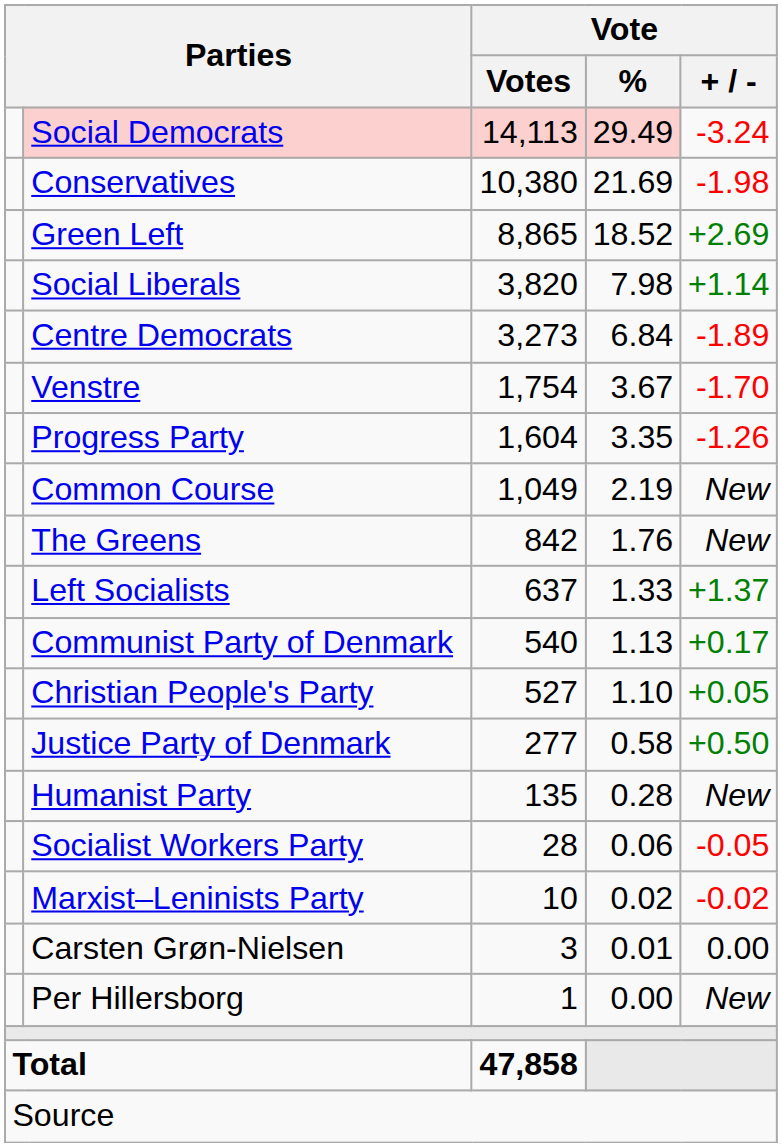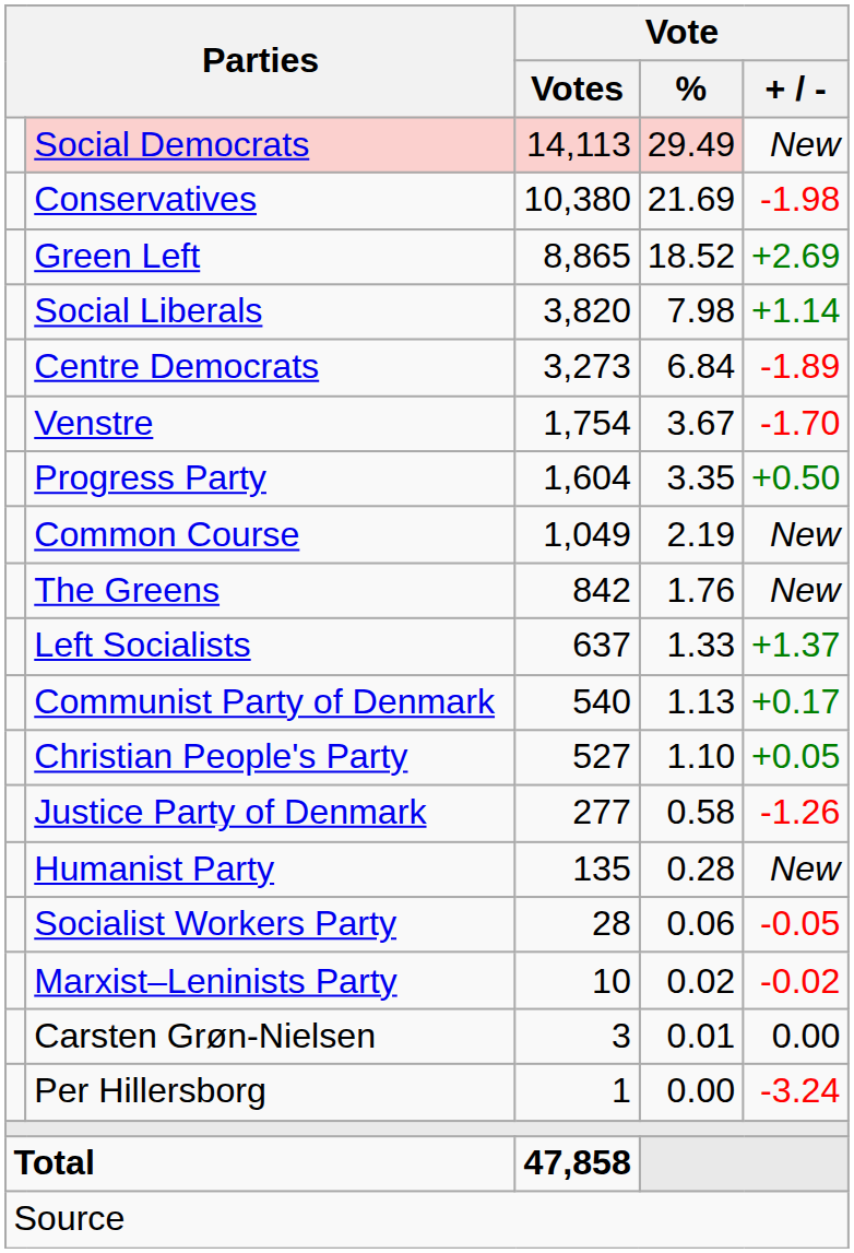 <table class="wikitable" style="text-align:right;">
 <tr>
 <th style="text-align:centre;" rowspan="2" colspan="2" width="225">Parties</th>
 <th colspan="3">Vote</th>
 </tr>
 <tr>
 <th width="15">Votes</th>
 <th width="15">%</th>
 <th width="15">+ / -</th>
 </tr>
 <tr>
 <td width="2" style="color:inherit;background:"></td>
 <td bgcolor=#fbd0ce  align="left"><a href='#'>Social Democrats</a></td>
 <td bgcolor=#fbd0ce>14,113</td>
 <td bgcolor=#fbd0ce>29.49</td>
-<td style=color:red;>-3.24</td>
+<td><em>New</em></td>
 </tr>
 <tr>
 <td width="2" style="color:inherit;background:"></td>
 <td align="left"><a href='#'>Conservatives</a></td>
 <td>10,380</td>
 <td>21.69</td>
 <td style=color:red;>-1.98</td>
 </tr>
 <tr>
 <td width="2" style="color:inherit;background:"></td>
 <td align="left"><a href='#'>Green Left</a></td>
 <td>8,865</td>
 <td>18.52</td>
 <td style=color:green;>+2.69</td>
 </tr>
 <tr>
 <td width="2" style="color:inherit;background:"></td>
 <td align="left"><a href='#'>Social Liberals</a></td>
 <td>3,820</td>
 <td>7.98</td>
 <td style=color:green;>+1.14</td>
 </tr>
 <tr>
 <td width="2" style="color:inherit;background:"></td>
 <td align="left"><a href='#'>Centre Democrats</a></td>
 <td>3,273</td>
 <td>6.84</td>
 <td style=color:red;>-1.89</td>
 </tr>
 <tr>
 <td width="2" style="color:inherit;background:"></td>
 <td align="left"><a href='#'>Venstre</a></td>
 <td>1,754</td>
 <td>3.67</td>
 <td style=color:red;>-1.70</td>
 </tr>
 <tr>
 <td width="2" style="color:inherit;background:"></td>
 <td align="left"><a href='#'>Progress Party</a></td>
 <td>1,604</td>
 <td>3.35</td>
-<td style=color:red;>-1.26</td>
+<td style=color:green;>+0.50</td>
 </tr>
 <tr>
 <td width="2" style="color:inherit;background:"></td>
 <td align="left"><a href='#'>Common Course</a></td>
 <td>1,049</td>
 <td>2.19</td>
 <td><em>New</em></td>
 </tr>
 <tr>
 <td width="2" style="color:inherit;background:"></td>
 <td align="left"><a href='#'>The Greens</a></td>
 <td>842</td>
 <td>1.76</td>
 <td><em>New</em></td>
 </tr>
 <tr>
 <td width="2" style="color:inherit;background:"></td>
 <td align="left"><a href='#'>Left Socialists</a></td>
 <td>637</td>
 <td>1.33</td>
 <td style=color:green;>+1.37</td>
 </tr>
 <tr>
 <td width="2" style="color:inherit;background:"></td>
 <td align="left"><a href='#'>Communist Party of Denmark</a></td>
 <td>540</td>
 <td>1.13</td>
 <td style=color:green;>+0.17</td>
 </tr>
 <tr>
 <td width="2" style="color:inherit;background:"></td>
 <td align="left"><a href='#'>Christian People's Party</a></td>
 <td>527</td>
 <td>1.10</td>
 <td style=color:green;>+0.05</td>
 </tr>
 <tr>
 <td width="2" style="color:inherit;background:"></td>
 <td align="left"><a href='#'>Justice Party of Denmark</a></td>
 <td>277</td>
 <td>0.58</td>
-<td style=color:green;>+0.50</td>
+<td style=color:red;>-1.26</td>
 </tr>
 <tr>
 <td width="2" style="color:inherit;background:"></td>
 <td align="left"><a href='#'>Humanist Party</a></td>
 <td>135</td>
 <td>0.28</td>
 <td><em>New</em></td>
 </tr>
 <tr>
 <td width="2" style="color:inherit;background:"></td>
 <td align="left"><a href='#'>Socialist Workers Party</a></td>
 <td>28</td>
 <td>0.06</td>
 <td style=color:red;>-0.05</td>
 </tr>
 <tr>
 <td width="2" style="color:inherit;background:"></td>
 <td align="left"><a href='#'>Marxist–Leninists Party</a></td>
 <td>10</td>
 <td>0.02</td>
 <td style=color:red;>-0.02</td>
 </tr>
 <tr>
 <td width="2" style="color:inherit;background:"></td>
 <td align="left">Carsten Grøn-Nielsen</td>
 <td>3</td>
 <td>0.01</td>
 <td>0.00</td>
 </tr>
 <tr>
 <td width="2" style="color:inherit;background:"></td>
 <td align="left">Per Hillersborg</td>
 <td>1</td>
 <td>0.00</td>
-<td><em>New</em></td>
+<td style=color:red;>-3.24</td>
 </tr>
 <tr>
 <td colspan="7" bgcolor="#E9E9E9"></td>
 </tr>
 <tr>
 <td align="left" colspan="2"><strong>Total</strong></td>
 <td><strong>47,858</strong></td>
 <td bgcolor="#E9E9E9" colspan="2"></td>
 </tr>
 <tr>
 <td align="left" colspan="6">Source</td>
 </tr>
 </table>
